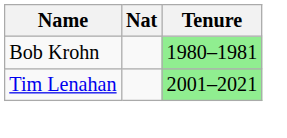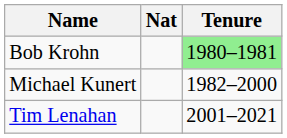 <table class="wikitable sortable">
 <tr>
 <th style="background:#">Name</th>
 <th style="background:#">Nat</th>
 <th style="background:#">Tenure</th>
 </tr>
 <tr>
 <td>Bob Krohn</td>
 <td></td>
 <td style="background: lightgreen;">1980–1981</td>
 </tr>
 <tr>
+<td>Michael Kunert</td>
+<td></td>
+<td>1982–2000</td>
+</tr>
+<tr>
 <td><a href='#'>Tim Lenahan</a></td>
 <td></td>
-<td style="background: lightgreen;">2001–2021</td>
+<td>2001–2021</td>
 </tr>
 </table>
